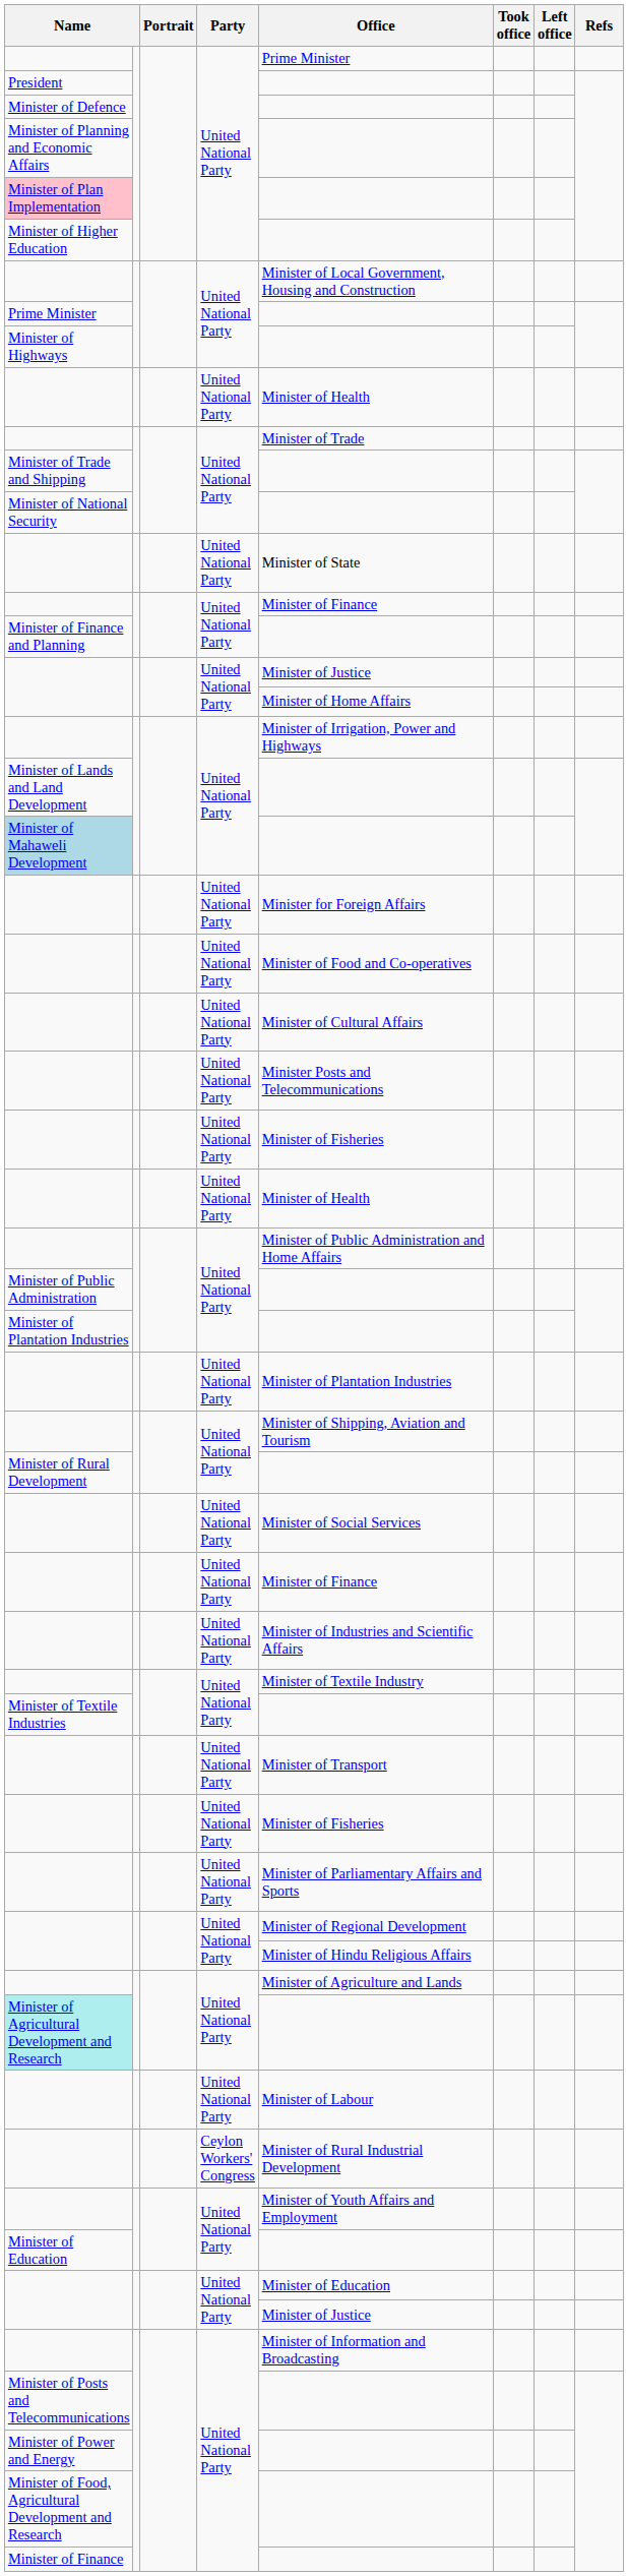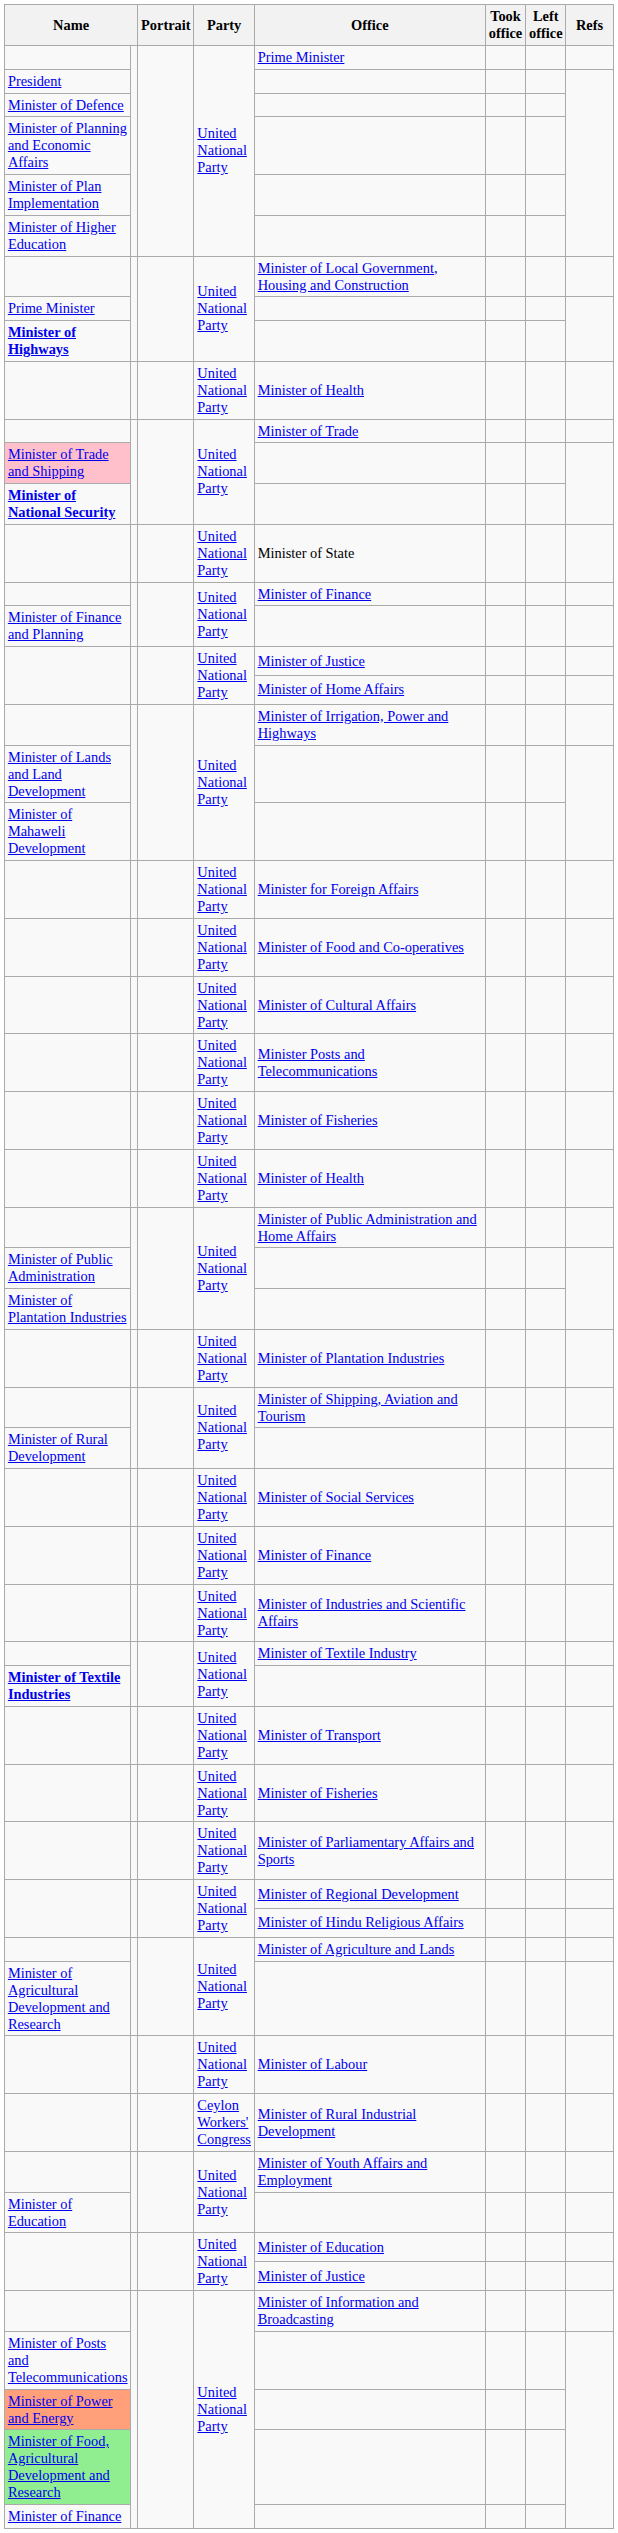 <table class="wikitable plainrowheaders sortable" style="font-size:90%; text-align:left;">
 <tr>
 <th scope=col colspan="2">Name</th>
 <th scope=col class=unsortable>Portrait</th>
 <th scope=col>Party</th>
 <th scope=col width=300px>Office</th>
 <th scope=col>Took office</th>
 <th scope=col>Left office</th>
 <th scope=col width=50px class=unsortable>Refs</th>
 </tr>
 <tr>
 <td !align="center" style="background:"></td>
 <td rowspan=6></td>
 <td align=center rowspan=6></td>
 <td rowspan=6><a href='#'>United National Party</a></td>
 <td><a href='#'>Prime Minister</a></td>
 <td align=center></td>
 <td align=center></td>
 <td align=center></td>
 </tr>
 <tr>
 <td><a href='#'>President</a></td>
 <td align=center></td>
 <td align=center></td>
 <td align=center></td>
 </tr>
 <tr>
 <td><a href='#'>Minister of Defence</a></td>
 <td align=center></td>
 <td></td>
 <td align=center></td>
 </tr>
 <tr>
 <td><a href='#'>Minister of Planning and Economic Affairs</a></td>
 <td align=center></td>
 <td></td>
 <td align=center></td>
 </tr>
 <tr>
-<td style="background: pink;"><a href='#'>Minister of Plan Implementation</a></td>
+<td><a href='#'>Minister of Plan Implementation</a></td>
 <td align=center></td>
 <td></td>
 <td align=center></td>
 </tr>
 <tr>
 <td><a href='#'>Minister of Higher Education</a></td>
 <td align=center></td>
 <td></td>
 <td align=center></td>
 </tr>
 <tr>
 <td !align="center" style="background:"></td>
 <td rowspan=3></td>
 <td align=center rowspan=3></td>
 <td rowspan=3><a href='#'>United National Party</a></td>
 <td><a href='#'>Minister of Local Government, Housing and Construction</a></td>
 <td align=center></td>
 <td></td>
 <td align=center></td>
 </tr>
 <tr>
 <td><a href='#'>Prime Minister</a></td>
 <td align=center></td>
 <td align=center></td>
 <td align=center></td>
 </tr>
 <tr>
-<td><a href='#'>Minister of Highways</a></td>
+<td><strong><a href='#'>Minister of Highways</a></strong></td>
 <td align=center></td>
 <td align=center></td>
 <td align=center></td>
 </tr>
 <tr>
 <td !align="center" style="background:"></td>
 <td></td>
 <td align=center></td>
 <td><a href='#'>United National Party</a></td>
 <td><a href='#'>Minister of Health</a></td>
 <td></td>
 <td></td>
 <td align=center></td>
 </tr>
 <tr>
 <td !align="center" style="background:"></td>
 <td rowspan=3></td>
 <td align=center rowspan=3></td>
 <td rowspan=3><a href='#'>United National Party</a></td>
 <td><a href='#'>Minister of Trade</a></td>
 <td align=center></td>
 <td></td>
 <td align=center></td>
 </tr>
 <tr>
-<td><a href='#'>Minister of Trade and Shipping</a></td>
+<td style="background: pink;"><a href='#'>Minister of Trade and Shipping</a></td>
 <td align=center></td>
 <td></td>
 <td align=center></td>
 </tr>
 <tr>
-<td><a href='#'>Minister of National Security</a></td>
+<td><strong><a href='#'>Minister of National Security</a></strong></td>
 <td align=center></td>
 <td></td>
 <td align=center></td>
 </tr>
 <tr>
 <td !align="center" style="background:"></td>
 <td></td>
 <td align=center></td>
 <td><a href='#'>United National Party</a></td>
 <td>Minister of State</td>
 <td align=center></td>
 <td></td>
 <td align=center></td>
 </tr>
 <tr>
 <td !align="center" style="background:"></td>
 <td rowspan=2></td>
 <td align=center rowspan=2></td>
 <td rowspan=2><a href='#'>United National Party</a></td>
 <td><a href='#'>Minister of Finance</a></td>
 <td align=center></td>
 <td align=center></td>
 <td align=center></td>
 </tr>
 <tr>
 <td><a href='#'>Minister of Finance and Planning</a></td>
 <td align=center></td>
 <td align=center></td>
 <td align=center></td>
 </tr>
 <tr>
 <td rowspan=2 !align="center" style="background:"></td>
 <td rowspan=2></td>
 <td align=center rowspan=2></td>
 <td rowspan=2><a href='#'>United National Party</a></td>
 <td><a href='#'>Minister of Justice</a></td>
 <td align=center></td>
 <td></td>
 <td align=center></td>
 </tr>
 <tr>
 <td><a href='#'>Minister of Home Affairs</a></td>
 <td align=center></td>
 <td></td>
 <td align=center></td>
 </tr>
 <tr>
 <td !align="center" style="background:"></td>
 <td rowspan=3></td>
 <td align=center rowspan=3></td>
 <td rowspan=3><a href='#'>United National Party</a></td>
 <td><a href='#'>Minister of Irrigation, Power and Highways</a></td>
 <td align=center></td>
 <td></td>
 <td align=center></td>
 </tr>
 <tr>
 <td><a href='#'>Minister of Lands and Land Development</a></td>
 <td align=center></td>
 <td align=center></td>
 <td align=center></td>
 </tr>
 <tr>
-<td style="background: lightblue;"><a href='#'>Minister of Mahaweli Development</a></td>
+<td><a href='#'>Minister of Mahaweli Development</a></td>
 <td align=center></td>
 <td align=center></td>
 <td align=center></td>
 </tr>
 <tr>
 <td !align="center" style="background:"></td>
 <td></td>
 <td align=center></td>
 <td><a href='#'>United National Party</a></td>
 <td><a href='#'>Minister for Foreign Affairs</a></td>
 <td align=center></td>
 <td></td>
 <td align=center></td>
 </tr>
 <tr>
 <td !align="center" style="background:"></td>
 <td></td>
 <td align=center></td>
 <td><a href='#'>United National Party</a></td>
 <td><a href='#'>Minister of Food and Co-operatives</a></td>
 <td align=center></td>
 <td></td>
 <td align=center></td>
 </tr>
 <tr>
 <td !align="center" style="background:"></td>
 <td></td>
 <td align=center></td>
 <td><a href='#'>United National Party</a></td>
 <td><a href='#'>Minister of Cultural Affairs</a></td>
 <td align=center></td>
 <td></td>
 <td align=center></td>
 </tr>
 <tr>
 <td !align="center" style="background:"></td>
 <td></td>
 <td align=center></td>
 <td><a href='#'>United National Party</a></td>
 <td><a href='#'>Minister Posts and Telecommunications</a></td>
 <td align=center></td>
 <td></td>
 <td align=center></td>
 </tr>
 <tr>
 <td !align="center" style="background:"></td>
 <td></td>
 <td align=center></td>
 <td><a href='#'>United National Party</a></td>
 <td><a href='#'>Minister of Fisheries</a></td>
 <td></td>
 <td align=center></td>
 <td align=center></td>
 </tr>
 <tr>
 <td !align="center" style="background:"></td>
 <td></td>
 <td align=center></td>
 <td><a href='#'>United National Party</a></td>
 <td><a href='#'>Minister of Health</a></td>
 <td align=center></td>
 <td></td>
 <td align=center></td>
 </tr>
 <tr>
 <td !align="center" style="background:"></td>
 <td rowspan=3></td>
 <td align=center rowspan=3></td>
 <td rowspan=3><a href='#'>United National Party</a></td>
 <td><a href='#'>Minister of Public Administration and Home Affairs</a></td>
 <td align=center></td>
 <td></td>
 <td align=center></td>
 </tr>
 <tr>
 <td><a href='#'>Minister of Public Administration</a></td>
 <td align=center></td>
 <td></td>
 <td align=center></td>
 </tr>
 <tr>
 <td><a href='#'>Minister of Plantation Industries</a></td>
 <td align=center></td>
 <td></td>
 <td align=center></td>
 </tr>
 <tr>
 <td !align="center" style="background:"></td>
 <td></td>
 <td align=center></td>
 <td><a href='#'>United National Party</a></td>
 <td><a href='#'>Minister of Plantation Industries</a></td>
 <td align=center></td>
 <td></td>
 <td align=center></td>
 </tr>
 <tr>
 <td !align="center" style="background:"></td>
 <td rowspan=2></td>
 <td align=center rowspan=2></td>
 <td rowspan=2><a href='#'>United National Party</a></td>
 <td><a href='#'>Minister of Shipping, Aviation and Tourism</a></td>
 <td align=center></td>
 <td></td>
 <td align=center></td>
 </tr>
 <tr>
 <td><a href='#'>Minister of Rural Development</a></td>
 <td align=center></td>
 <td></td>
 <td align=center></td>
 </tr>
 <tr>
 <td !align="center" style="background:"></td>
 <td></td>
 <td align=center></td>
 <td><a href='#'>United National Party</a></td>
 <td><a href='#'>Minister of Social Services</a></td>
 <td align=center></td>
 <td></td>
 <td align=center></td>
 </tr>
 <tr>
 <td !align="center" style="background:"></td>
 <td></td>
 <td align=center></td>
 <td><a href='#'>United National Party</a></td>
 <td><a href='#'>Minister of Finance</a></td>
 <td align=center></td>
 <td align=center></td>
 <td align=center></td>
 </tr>
 <tr>
 <td !align="center" style="background:"></td>
 <td></td>
 <td align=center></td>
 <td><a href='#'>United National Party</a></td>
 <td><a href='#'>Minister of Industries and Scientific Affairs</a></td>
 <td align=center></td>
 <td></td>
 <td align=center></td>
 </tr>
 <tr>
 <td !align="center" style="background:"></td>
 <td rowspan=2></td>
 <td align=center rowspan=2></td>
 <td rowspan=2><a href='#'>United National Party</a></td>
 <td><a href='#'>Minister of Textile Industry</a></td>
 <td align=center></td>
 <td></td>
 <td align=center></td>
 </tr>
 <tr>
-<td><a href='#'>Minister of Textile Industries</a></td>
+<td><strong><a href='#'>Minister of Textile Industries</a></strong></td>
 <td></td>
 <td></td>
 <td align=center></td>
 </tr>
 <tr>
 <td !align="center" style="background:"></td>
 <td></td>
 <td align=center></td>
 <td><a href='#'>United National Party</a></td>
 <td><a href='#'>Minister of Transport</a></td>
 <td align=center></td>
 <td></td>
 <td align=center></td>
 </tr>
 <tr>
 <td !align="center" style="background:"></td>
 <td></td>
 <td align=center></td>
 <td><a href='#'>United National Party</a></td>
 <td><a href='#'>Minister of Fisheries</a></td>
 <td align=center></td>
 <td></td>
 <td align=center></td>
 </tr>
 <tr>
 <td !align="center" style="background:"></td>
 <td></td>
 <td align=center></td>
 <td><a href='#'>United National Party</a></td>
 <td><a href='#'>Minister of Parliamentary Affairs and Sports</a></td>
 <td align=center></td>
 <td></td>
 <td align=center></td>
 </tr>
 <tr>
 <td rowspan=2 !align="center" style="background:"></td>
 <td rowspan=2></td>
 <td align=center rowspan=2></td>
 <td rowspan=2><a href='#'>United National Party</a></td>
 <td><a href='#'>Minister of Regional Development</a></td>
 <td align=center></td>
 <td></td>
 <td align=center></td>
 </tr>
 <tr>
 <td><a href='#'>Minister of Hindu Religious Affairs</a></td>
 <td align=center></td>
 <td></td>
 <td align=center></td>
 </tr>
 <tr>
 <td !align="center" style="background:"></td>
 <td rowspan=2></td>
 <td align=center rowspan=2></td>
 <td rowspan=2><a href='#'>United National Party</a></td>
 <td><a href='#'>Minister of Agriculture and Lands</a></td>
 <td align=center></td>
 <td></td>
 <td align=center></td>
 </tr>
 <tr>
-<td style="background: paleturquoise;"><a href='#'>Minister of Agricultural Development and Research</a></td>
+<td><a href='#'>Minister of Agricultural Development and Research</a></td>
 <td align=center></td>
 <td></td>
 <td align=center></td>
 </tr>
 <tr>
 <td !align="center" style="background:"></td>
 <td></td>
 <td align=center></td>
 <td><a href='#'>United National Party</a></td>
 <td><a href='#'>Minister of Labour</a></td>
 <td align=center></td>
 <td></td>
 <td align=center></td>
 </tr>
 <tr>
 <td !align="center" style="background:"></td>
 <td></td>
 <td align=center></td>
 <td><a href='#'>Ceylon Workers' Congress</a></td>
 <td><a href='#'>Minister of Rural Industrial Development</a></td>
 <td align=center></td>
 <td></td>
 <td align=center></td>
 </tr>
 <tr>
 <td !align="center" style="background:"></td>
 <td rowspan=2></td>
 <td align=center rowspan=2></td>
 <td rowspan=2><a href='#'>United National Party</a></td>
 <td><a href='#'>Minister of Youth Affairs and Employment</a></td>
 <td align=center></td>
 <td></td>
 <td align=center></td>
 </tr>
 <tr>
 <td><a href='#'>Minister of Education</a></td>
 <td align=center></td>
 <td></td>
 <td align=center></td>
 </tr>
 <tr>
 <td rowspan=2 !align="center" style="background:"></td>
 <td rowspan=2></td>
 <td align=center rowspan=2></td>
 <td rowspan=2><a href='#'>United National Party</a></td>
 <td><a href='#'>Minister of Education</a></td>
 <td align=center></td>
 <td></td>
 <td align=center></td>
 </tr>
 <tr>
 <td><a href='#'>Minister of Justice</a></td>
 <td align=center></td>
 <td></td>
 <td align=center></td>
 </tr>
 <tr>
 <td !align="center" style="background:"></td>
 <td rowspan=5></td>
 <td align=center rowspan=5></td>
 <td rowspan=5><a href='#'>United National Party</a></td>
 <td><a href='#'>Minister of Information and Broadcasting</a></td>
 <td align=center></td>
 <td></td>
 <td align=center></td>
 </tr>
 <tr>
 <td><a href='#'>Minister of Posts and Telecommunications</a></td>
 <td></td>
 <td></td>
 <td align=center></td>
 </tr>
 <tr>
-<td><a href='#'>Minister of Power and Energy</a></td>
+<td style="background: lightsalmon;"><a href='#'>Minister of Power and Energy</a></td>
 <td></td>
 <td></td>
 <td align=center></td>
 </tr>
 <tr>
-<td><a href='#'>Minister of Food, Agricultural Development and Research</a></td>
+<td style="background: lightgreen;"><a href='#'>Minister of Food, Agricultural Development and Research</a></td>
 <td></td>
 <td></td>
 <td align=center></td>
 </tr>
 <tr>
 <td><a href='#'>Minister of Finance</a></td>
 <td></td>
 <td></td>
 <td align=center></td>
 </tr>
 </table>
